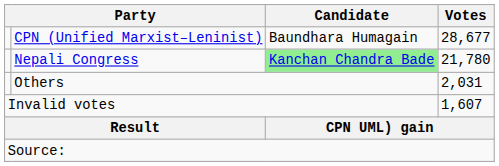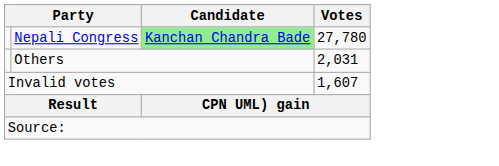 <table class="wikitable">
 <tr>
 <th colspan="2">Party</th>
 <th>Candidate</th>
 <th>Votes</th>
 </tr>
 <tr>
 <td style="background-color:"></td>
-<td><a href='#'>CPN (Unified Marxist–Leninist)</a></td>
-<td>Baundhara Humagain</td>
-<td>28,677</td>
-</tr>
-<tr>
-<td style="background-color:"></td>
 <td><a href='#'>Nepali Congress</a></td>
 <td style="background: lightgreen;"><a href='#'>Kanchan Chandra Bade</a></td>
-<td>21,780</td>
+<td>27,780</td>
 </tr>
 <tr>
 <td></td>
 <td colspan="2">Others</td>
 <td>2,031</td>
 </tr>
 <tr>
 <td colspan="3">Invalid votes</td>
 <td>1,607</td>
 </tr>
 <tr>
 <th colspan="2">Result</th>
 <th colspan="2">CPN UML) gain</th>
 </tr>
 <tr>
 <td colspan="4">Source: </td>
 </tr>
 </table>
